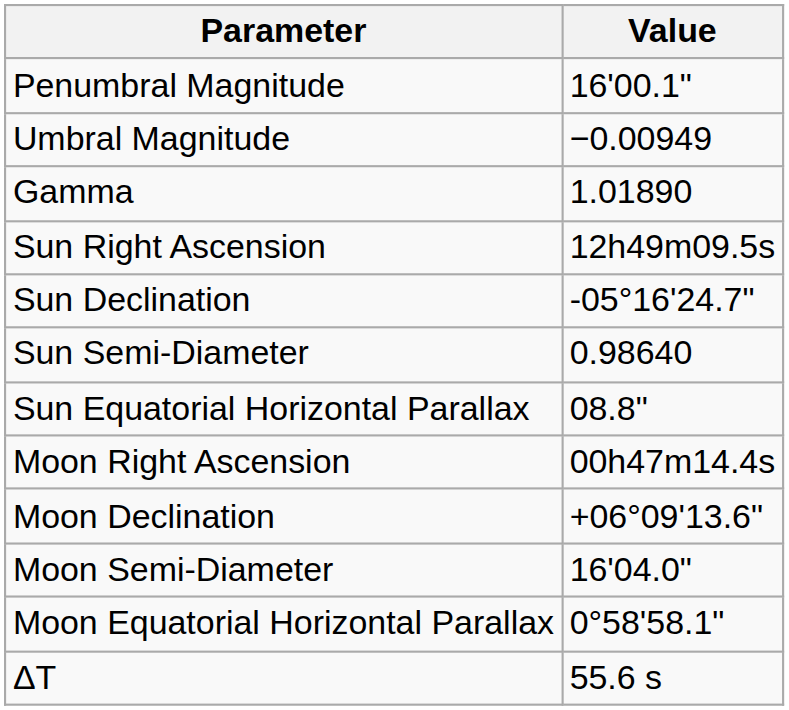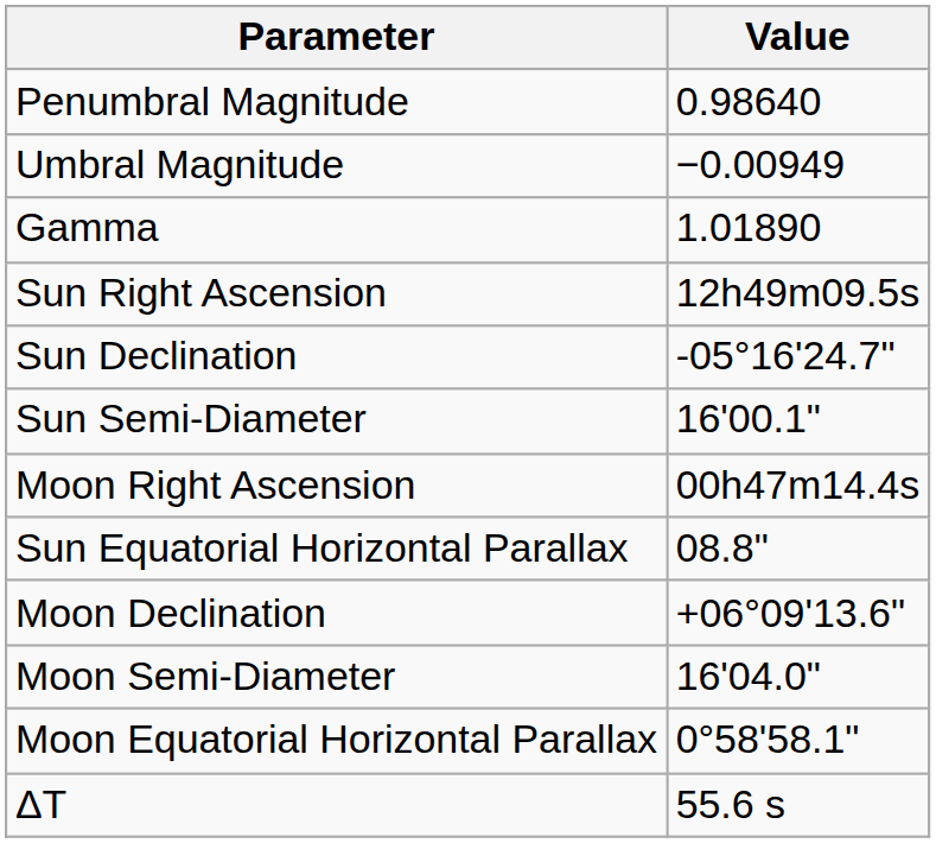 <table class="wikitable">
 <tr>
 <th>Parameter</th>
 <th>Value</th>
 </tr>
 <tr>
 <td>Penumbral Magnitude</td>
-<td>16'00.1"</td>
+<td>0.98640</td>
 </tr>
 <tr>
 <td>Umbral Magnitude</td>
 <td>−0.00949</td>
 </tr>
 <tr>
 <td>Gamma</td>
 <td>1.01890</td>
 </tr>
 <tr>
 <td>Sun Right Ascension</td>
 <td>12h49m09.5s</td>
 </tr>
 <tr>
 <td>Sun Declination</td>
 <td>-05°16'24.7"</td>
 </tr>
 <tr>
 <td>Sun Semi-Diameter</td>
-<td>0.98640</td>
+<td>16'00.1"</td>
+</tr>
+<tr>
+<td>Moon Right Ascension</td>
+<td>00h47m14.4s</td>
 </tr>
 <tr>
 <td>Sun Equatorial Horizontal Parallax</td>
 <td>08.8"</td>
-</tr>
-<tr>
-<td>Moon Right Ascension</td>
-<td>00h47m14.4s</td>
 </tr>
 <tr>
 <td>Moon Declination</td>
 <td>+06°09'13.6"</td>
 </tr>
 <tr>
 <td>Moon Semi-Diameter</td>
 <td>16'04.0"</td>
 </tr>
 <tr>
 <td>Moon Equatorial Horizontal Parallax</td>
 <td>0°58'58.1"</td>
 </tr>
 <tr>
 <td>ΔT</td>
 <td>55.6 s</td>
 </tr>
 </table>
